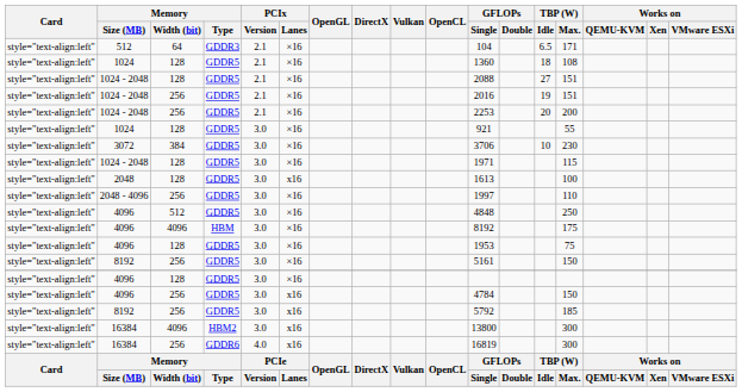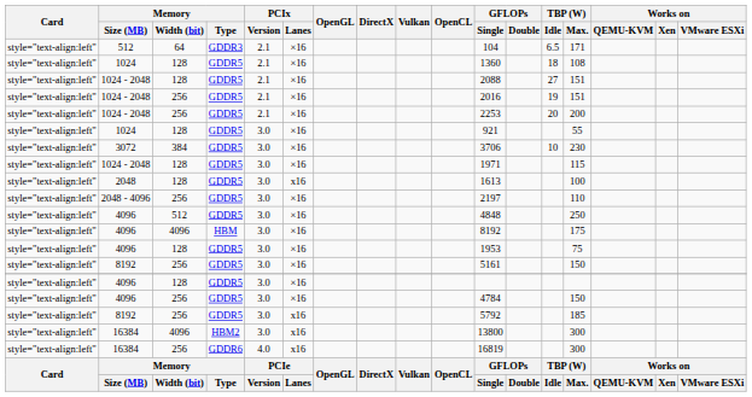 <table class="wikitable mw-collapsible" style="font-size: 85%; text-align: center">
 <tr>
 <th rowspan=2>Card</th>
 <th colspan=3>Memory</th>
 <th colspan=2>PCIx</th>
 <th rowspan=2>OpenGL</th>
 <th rowspan=2>DirectX</th>
 <th rowspan=2>Vulkan</th>
 <th rowspan=2>OpenCL</th>
 <th colspan=2>GFLOPs</th>
 <th colspan=2>TBP (W)</th>
 <th colspan=3 style="text-align:center">Works on</th>
 </tr>
 <tr>
 <th>Size (<a href='#'>MB</a>)</th>
 <th>Width (<a href='#'>bit</a>)</th>
 <th>Type</th>
 <th>Version</th>
 <th>Lanes</th>
 <th>Single</th>
 <th>Double</th>
 <th>Idle</th>
 <th>Max.</th>
 <th>QEMU-KVM</th>
 <th>Xen</th>
 <th>VMware ESXi</th>
 </tr>
 <tr>
 <td>style="text-align:left" </td>
 <td>512</td>
 <td>64</td>
 <td><a href='#'>GDDR3</a></td>
 <td>2.1</td>
 <td>×16</td>
 <td></td>
 <td></td>
 <td></td>
 <td></td>
 <td>104</td>
 <td></td>
 <td>6.5</td>
 <td>171</td>
 <td></td>
 <td></td>
 <td></td>
 </tr>
 <tr>
 <td>style="text-align:left" </td>
 <td>1024</td>
 <td>128</td>
 <td><a href='#'>GDDR5</a></td>
 <td>2.1</td>
 <td>×16</td>
 <td></td>
 <td></td>
 <td></td>
 <td></td>
 <td>1360</td>
 <td></td>
 <td>18</td>
 <td>108</td>
 <td></td>
 <td></td>
 <td></td>
 </tr>
 <tr>
 <td>style="text-align:left" </td>
 <td>1024 - 2048</td>
 <td>128</td>
 <td><a href='#'>GDDR5</a></td>
 <td>2.1</td>
 <td>×16</td>
 <td></td>
 <td></td>
 <td></td>
 <td></td>
 <td>2088</td>
 <td></td>
 <td>27</td>
 <td>151</td>
 <td></td>
 <td></td>
 <td></td>
 </tr>
 <tr>
 <td>style="text-align:left" </td>
 <td>1024 - 2048</td>
 <td>256</td>
 <td><a href='#'>GDDR5</a></td>
 <td>2.1</td>
 <td>×16</td>
 <td></td>
 <td></td>
 <td></td>
 <td></td>
 <td>2016</td>
 <td></td>
 <td>19</td>
 <td>151</td>
 <td></td>
 <td></td>
 <td></td>
 </tr>
 <tr>
 <td>style="text-align:left" </td>
 <td>1024 - 2048</td>
 <td>256</td>
 <td><a href='#'>GDDR5</a></td>
 <td>2.1</td>
 <td>×16</td>
 <td></td>
 <td></td>
 <td></td>
 <td></td>
 <td>2253</td>
 <td></td>
 <td>20</td>
 <td>200</td>
 <td></td>
 <td></td>
 <td></td>
 </tr>
 <tr>
 <td>style="text-align:left" </td>
 <td>1024</td>
 <td>128</td>
 <td><a href='#'>GDDR5</a></td>
 <td>3.0</td>
 <td>×16</td>
 <td></td>
 <td></td>
 <td></td>
 <td></td>
 <td>921</td>
 <td></td>
 <td></td>
 <td>55</td>
 <td></td>
 <td></td>
 <td></td>
 </tr>
 <tr>
 <td>style="text-align:left" </td>
 <td>3072</td>
 <td>384</td>
 <td><a href='#'>GDDR5</a></td>
 <td>3.0</td>
 <td>×16</td>
 <td></td>
 <td></td>
 <td></td>
 <td></td>
 <td>3706</td>
 <td></td>
 <td>10</td>
 <td>230</td>
 <td></td>
 <td></td>
 <td></td>
 </tr>
 <tr>
 <td>style="text-align:left" </td>
 <td>1024 - 2048</td>
 <td>128</td>
 <td><a href='#'>GDDR5</a></td>
 <td>3.0</td>
 <td>×16</td>
 <td></td>
 <td></td>
 <td></td>
 <td></td>
 <td>1971</td>
 <td></td>
 <td></td>
 <td>115</td>
 <td></td>
 <td></td>
 <td></td>
 </tr>
 <tr>
 <td>style="text-align:left" </td>
 <td>2048</td>
 <td>128</td>
 <td><a href='#'>GDDR5</a></td>
 <td>3.0</td>
 <td>x16</td>
 <td></td>
 <td></td>
 <td></td>
 <td></td>
 <td>1613</td>
 <td></td>
 <td></td>
 <td>100</td>
 <td></td>
 <td></td>
 <td></td>
 </tr>
 <tr>
 <td>style="text-align:left" </td>
 <td>2048 - 4096</td>
 <td>256</td>
 <td><a href='#'>GDDR5</a></td>
 <td>3.0</td>
 <td>×16</td>
 <td></td>
 <td></td>
 <td></td>
 <td></td>
-<td>1997</td>
+<td>2197</td>
 <td></td>
 <td></td>
 <td>110</td>
 <td></td>
 <td></td>
 <td></td>
 </tr>
 <tr>
 <td>style="text-align:left" </td>
 <td>4096</td>
 <td>512</td>
 <td><a href='#'>GDDR5</a></td>
 <td>3.0</td>
 <td>×16</td>
 <td></td>
 <td></td>
 <td></td>
 <td></td>
 <td>4848</td>
 <td></td>
 <td></td>
 <td>250</td>
 <td></td>
 <td></td>
 <td></td>
 </tr>
 <tr>
 <td>style="text-align:left" </td>
 <td>4096</td>
 <td>4096</td>
 <td><a href='#'>HBM</a></td>
 <td>3.0</td>
 <td>×16</td>
 <td></td>
 <td></td>
 <td></td>
 <td></td>
 <td>8192</td>
 <td></td>
 <td></td>
 <td>175</td>
 <td></td>
 <td></td>
 <td></td>
 </tr>
 <tr>
 <td>style="text-align:left"</td>
 <td>4096</td>
 <td>128</td>
 <td><a href='#'>GDDR5</a></td>
 <td>3.0</td>
 <td>×16</td>
 <td></td>
 <td></td>
 <td></td>
 <td></td>
 <td>1953</td>
 <td></td>
 <td></td>
 <td>75</td>
 <td></td>
 <td></td>
 <td></td>
 </tr>
 <tr>
 <td>style="text-align:left" </td>
 <td>8192</td>
 <td>256</td>
 <td><a href='#'>GDDR5</a></td>
 <td>3.0</td>
 <td>×16</td>
 <td></td>
 <td></td>
 <td></td>
 <td></td>
 <td>5161</td>
 <td></td>
 <td></td>
 <td>150</td>
 <td></td>
 <td></td>
 <td></td>
 </tr>
 <tr>
 </tr>
 <tr>
 <td>style="text-align:left" </td>
 <td>4096</td>
 <td>128</td>
 <td><a href='#'>GDDR5</a></td>
 <td>3.0</td>
 <td>×16</td>
 <td></td>
 <td></td>
 <td></td>
 <td></td>
 <td></td>
 <td></td>
 <td></td>
 <td></td>
 <td></td>
 <td></td>
 <td></td>
 </tr>
 <tr>
 <td>style="text-align:left" </td>
 <td>4096</td>
 <td>256</td>
 <td><a href='#'>GDDR5</a></td>
 <td>3.0</td>
-<td>x16</td>
+<td>×16</td>
 <td></td>
 <td></td>
 <td></td>
 <td></td>
 <td>4784</td>
 <td></td>
 <td></td>
 <td>150</td>
 <td></td>
 <td></td>
 <td></td>
 </tr>
 <tr>
 <td>style="text-align:left" </td>
 <td>8192</td>
 <td>256</td>
 <td><a href='#'>GDDR5</a></td>
 <td>3.0</td>
 <td>x16</td>
 <td></td>
 <td></td>
 <td></td>
 <td></td>
 <td>5792</td>
 <td></td>
 <td></td>
 <td>185</td>
 <td></td>
 <td></td>
 <td></td>
 </tr>
 <tr>
 <td>style="text-align:left" </td>
 <td>16384</td>
 <td>4096</td>
 <td><a href='#'>HBM2</a></td>
 <td>3.0</td>
 <td>x16</td>
 <td></td>
 <td></td>
 <td></td>
 <td></td>
 <td>13800</td>
 <td></td>
 <td></td>
 <td>300</td>
 <td></td>
 <td></td>
 <td></td>
 </tr>
 <tr>
 <td>style="text-align:left" </td>
 <td>16384</td>
 <td>256</td>
 <td><a href='#'>GDDR6</a></td>
 <td>4.0</td>
 <td>x16</td>
 <td></td>
 <td></td>
 <td></td>
 <td></td>
 <td>16819</td>
 <td></td>
 <td></td>
 <td>300</td>
 <td></td>
 <td></td>
 <td></td>
 </tr>
 <tr>
 <th rowspan=2>Card</th>
 <th colspan=3>Memory</th>
 <th colspan=2>PCIe</th>
 <th rowspan=2>OpenGL</th>
 <th rowspan=2>DirectX</th>
 <th rowspan=2>Vulkan</th>
 <th rowspan=2>OpenCL</th>
 <th colspan=2>GFLOPs</th>
 <th colspan=2>TBP (W)</th>
 <th colspan=3 style="text-align:center">Works on</th>
 </tr>
 <tr>
 <th>Size (<a href='#'>MB</a>)</th>
 <th>Width (<a href='#'>bit</a>)</th>
 <th>Type</th>
 <th>Version</th>
 <th>Lanes</th>
 <th>Single</th>
 <th>Double</th>
 <th>Idle</th>
 <th>Max.</th>
 <th>QEMU-KVM</th>
 <th>Xen</th>
 <th>VMware ESXi</th>
 </tr>
 </table>
